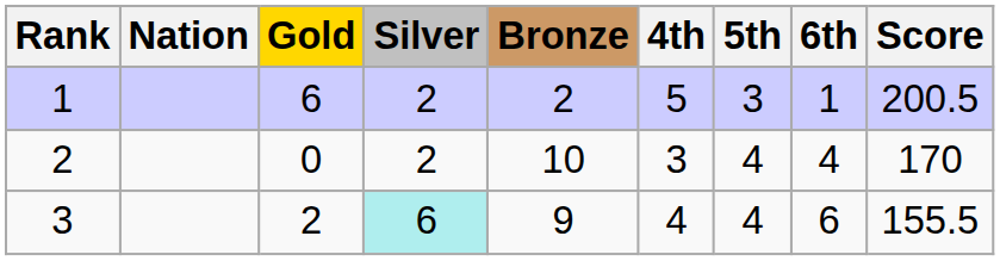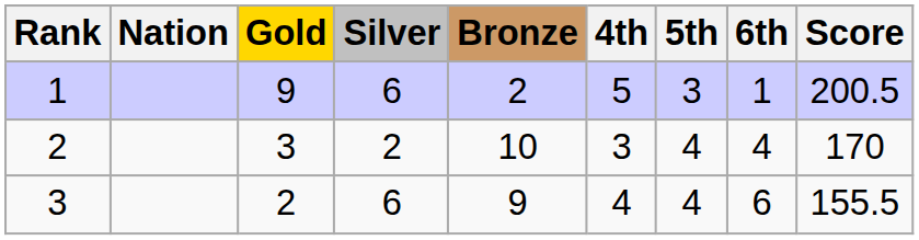 <table class="wikitable sortable" style="text-align:center">
 <tr>
 <th>Rank</th>
 <th>Nation</th>
 <td bgcolor="gold"><strong>Gold</strong></td>
 <td bgcolor="silver"><strong>Silver</strong></td>
 <td bgcolor=cc9966><strong>Bronze</strong></td>
 <th>4th</th>
 <th>5th</th>
 <th>6th</th>
 <th>Score</th>
 </tr>
 <tr style="background-color:#ccccff">
 <td>1</td>
 <td align=left></td>
+<td>9</td>
 <td>6</td>
-<td>2</td>
 <td>2</td>
 <td>5</td>
 <td>3</td>
 <td>1</td>
 <td>200.5</td>
 </tr>
 <tr>
 <td>2</td>
 <td align=left></td>
-<td>0</td>
+<td>3</td>
 <td>2</td>
 <td>10</td>
 <td>3</td>
 <td>4</td>
 <td>4</td>
 <td>170</td>
 </tr>
 <tr>
 <td>3</td>
 <td align=left></td>
 <td>2</td>
-<td style="background: paleturquoise;">6</td>
+<td>6</td>
 <td>9</td>
 <td>4</td>
 <td>4</td>
 <td>6</td>
 <td>155.5</td>
 </tr>
 </table>
